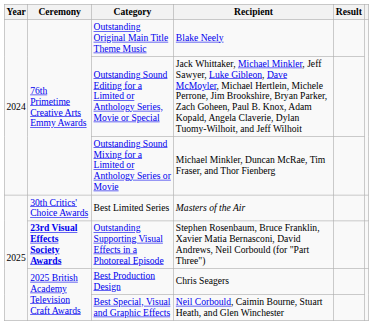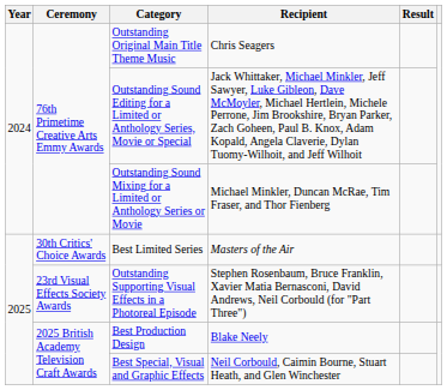 <table class="wikitable sortable">
 <tr>
 <th>Year</th>
 <th>Ceremony</th>
 <th>Category</th>
 <th>Recipient</th>
 <th>Result</th>
 <th class="unsortable"></th>
 </tr>
 <tr>
 <td style="text-align:center" rowspan="3">2024</td>
 <td rowspan="3"><a href='#'>76th Primetime Creative Arts Emmy Awards</a></td>
 <td><a href='#'>Outstanding Original Main Title Theme Music</a></td>
-<td><a href='#'>Blake Neely</a></td>
+<td>Chris Seagers</td>
 <td></td>
 <td align="center" rowspan="3"></td>
 </tr>
 <tr>
 <td><a href='#'>Outstanding Sound Editing for a Limited or Anthology Series, Movie or Special</a></td>
 <td>Jack Whittaker, <a href='#'>Michael Minkler</a>, Jeff Sawyer, <a href='#'>Luke Gibleon</a>, <a href='#'>Dave McMoyler</a>, Michael Hertlein, Michele Perrone, Jim Brookshire, Bryan Parker, Zach Goheen, Paul B. Knox, Adam Kopald, Angela Claverie, Dylan Tuomy-Wilhoit, and Jeff Wilhoit </td>
 <td></td>
 </tr>
 <tr>
 <td><a href='#'>Outstanding Sound Mixing for a Limited or Anthology Series or Movie</a></td>
 <td>Michael Minkler, Duncan McRae, Tim Fraser, and Thor Fienberg </td>
 <td></td>
 </tr>
 <tr>
 <td style="text-align:center" rowspan="4">2025</td>
 <td><a href='#'>30th Critics' Choice Awards</a></td>
 <td>Best Limited Series</td>
 <td><em>Masters of the Air</em></td>
 <td></td>
 <td style="text-align:center"></td>
 </tr>
 <tr>
-<td><strong><a href='#'>23rd Visual Effects Society Awards</a></strong></td>
+<td><a href='#'>23rd Visual Effects Society Awards</a></td>
 <td><a href='#'>Outstanding Supporting Visual Effects in a Photoreal Episode</a></td>
 <td>Stephen Rosenbaum, Bruce Franklin, Xavier Matia Bernasconi, David Andrews, Neil Corbould (for "Part Three")</td>
 <td></td>
 <td align="center"></td>
 </tr>
 <tr>
 <td rowspan="2"><a href='#'>2025 British Academy Television Craft Awards</a></td>
 <td><a href='#'>Best Production Design</a></td>
-<td>Chris Seagers</td>
+<td><a href='#'>Blake Neely</a></td>
 <td></td>
 <td style="text-align:center" rowspan="2"></td>
 </tr>
 <tr>
 <td><a href='#'>Best Special, Visual and Graphic Effects</a></td>
 <td><a href='#'>Neil Corbould</a>, Caimin Bourne, Stuart Heath, and Glen Winchester</td>
 <td></td>
 </tr>
 </table>
